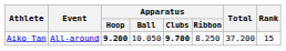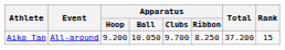 <table class=wikitable style="font-size:90%">
 <tr>
 <th rowspan=2>Athlete</th>
 <th rowspan=2>Event</th>
 <th colspan=4>Apparatus</th>
 <th rowspan=2>Total</th>
 <th rowspan=2>Rank</th>
 </tr>
 <tr style="font-size:95%;">
 <th>Hoop</th>
 <th>Ball</th>
 <th>Clubs</th>
 <th>Ribbon</th>
 </tr>
 <tr align=center>
 <td align=left><a href='#'>Aiko Tan</a></td>
 <td align=left><a href='#'>All-around</a></td>
-<td><strong>9.200</strong></td>
+<td>9.200</td>
 <td>10.050</td>
-<td><strong>9.700</strong></td>
+<td>9.700</td>
 <td>8.250</td>
 <td>37.200</td>
 <td>15</td>
 </tr>
 </table>
